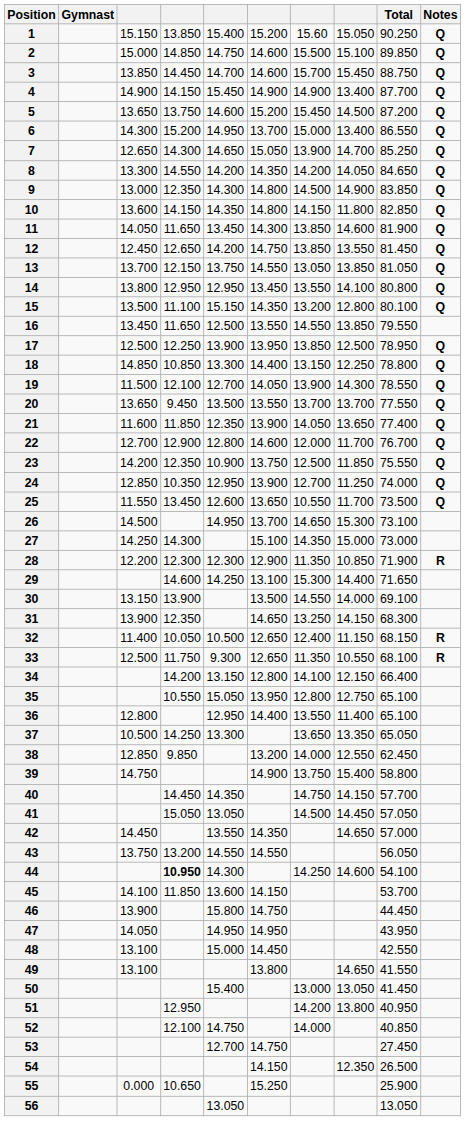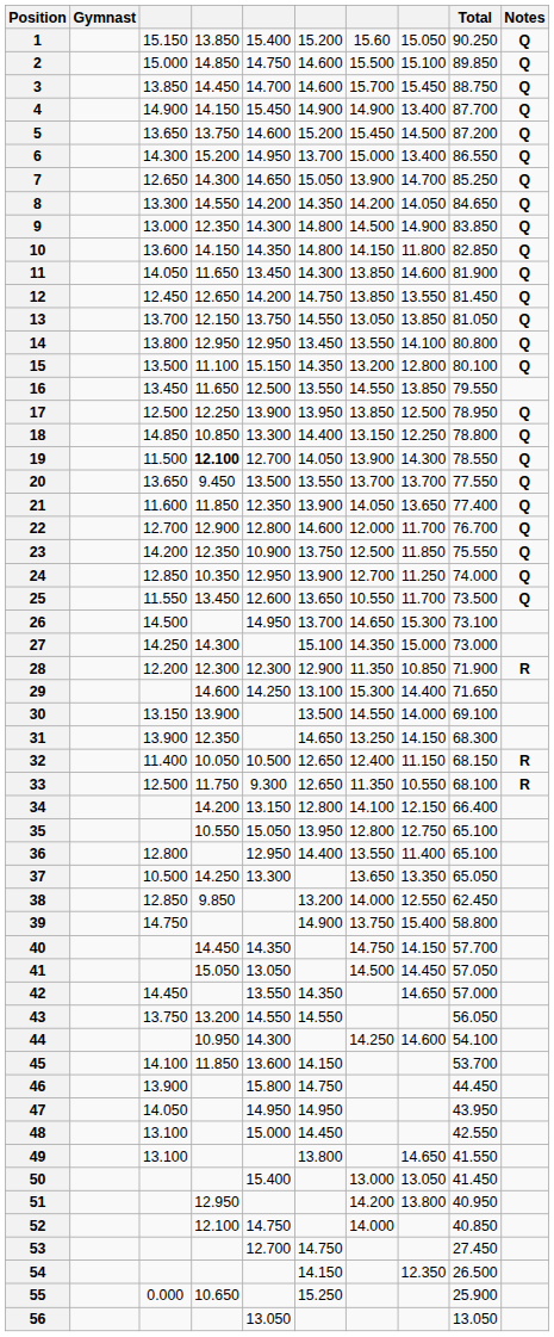 <table class="wikitable sortable" style="text-align:center; font-size:95%">
 <tr>
 <th scope=col>Position</th>
 <th scope=col>Gymnast</th>
 <th scope=col></th>
 <th scope=col></th>
 <th scope=col></th>
 <th scope=col></th>
 <th scope=col></th>
 <th scope=col></th>
 <th scope=col>Total</th>
 <th scope=col>Notes</th>
 </tr>
 <tr>
 <th scope=row>1</th>
 <td align=left></td>
 <td>15.150</td>
 <td>13.850</td>
 <td>15.400</td>
 <td>15.200</td>
 <td>15.60</td>
 <td>15.050</td>
 <td>90.250</td>
 <td><strong>Q</strong></td>
 </tr>
 <tr>
 <th scope=row>2</th>
 <td align=left></td>
 <td>15.000</td>
 <td>14.850</td>
 <td>14.750</td>
 <td>14.600</td>
 <td>15.500</td>
 <td>15.100</td>
 <td>89.850</td>
 <td><strong>Q</strong></td>
 </tr>
 <tr>
 <th scope=row>3</th>
 <td align=left></td>
 <td>13.850</td>
 <td>14.450</td>
 <td>14.700</td>
 <td>14.600</td>
 <td>15.700</td>
 <td>15.450</td>
 <td>88.750</td>
 <td><strong>Q</strong></td>
 </tr>
 <tr>
 <th scope=row>4</th>
 <td align=left></td>
 <td>14.900</td>
 <td>14.150</td>
 <td>15.450</td>
 <td>14.900</td>
 <td>14.900</td>
 <td>13.400</td>
 <td>87.700</td>
 <td><strong>Q</strong></td>
 </tr>
 <tr>
 <th scope=row>5</th>
 <td align=left></td>
 <td>13.650</td>
 <td>13.750</td>
 <td>14.600</td>
 <td>15.200</td>
 <td>15.450</td>
 <td>14.500</td>
 <td>87.200</td>
 <td><strong>Q</strong></td>
 </tr>
 <tr>
 <th scope=row>6</th>
 <td align=left></td>
 <td>14.300</td>
 <td>15.200</td>
 <td>14.950</td>
 <td>13.700</td>
 <td>15.000</td>
 <td>13.400</td>
 <td>86.550</td>
 <td><strong>Q</strong></td>
 </tr>
 <tr>
 <th scope=row>7</th>
 <td align=left></td>
 <td>12.650</td>
 <td>14.300</td>
 <td>14.650</td>
 <td>15.050</td>
 <td>13.900</td>
 <td>14.700</td>
 <td>85.250</td>
 <td><strong>Q</strong></td>
 </tr>
 <tr>
 <th scope=row>8</th>
 <td align=left></td>
 <td>13.300</td>
 <td>14.550</td>
 <td>14.200</td>
 <td>14.350</td>
 <td>14.200</td>
 <td>14.050</td>
 <td>84.650</td>
 <td><strong>Q</strong></td>
 </tr>
 <tr>
 <th scope=row>9</th>
 <td align=left></td>
 <td>13.000</td>
 <td>12.350</td>
 <td>14.300</td>
 <td>14.800</td>
 <td>14.500</td>
 <td>14.900</td>
 <td>83.850</td>
 <td><strong>Q</strong></td>
 </tr>
 <tr>
 <th scope=row>10</th>
 <td align=left></td>
 <td>13.600</td>
 <td>14.150</td>
 <td>14.350</td>
 <td>14.800</td>
 <td>14.150</td>
 <td>11.800</td>
 <td>82.850</td>
 <td><strong>Q</strong></td>
 </tr>
 <tr>
 <th scope=row>11</th>
 <td align=left></td>
 <td>14.050</td>
 <td>11.650</td>
 <td>13.450</td>
 <td>14.300</td>
 <td>13.850</td>
 <td>14.600</td>
 <td>81.900</td>
 <td><strong>Q</strong></td>
 </tr>
 <tr>
 <th scope=row>12</th>
 <td align=left></td>
 <td>12.450</td>
 <td>12.650</td>
 <td>14.200</td>
 <td>14.750</td>
 <td>13.850</td>
 <td>13.550</td>
 <td>81.450</td>
 <td><strong>Q</strong></td>
 </tr>
 <tr>
 <th scope=row>13</th>
 <td align=left></td>
 <td>13.700</td>
 <td>12.150</td>
 <td>13.750</td>
 <td>14.550</td>
 <td>13.050</td>
 <td>13.850</td>
 <td>81.050</td>
 <td><strong>Q</strong></td>
 </tr>
 <tr>
 <th scope=row>14</th>
 <td align=left></td>
 <td>13.800</td>
 <td>12.950</td>
 <td>12.950</td>
 <td>13.450</td>
 <td>13.550</td>
 <td>14.100</td>
 <td>80.800</td>
 <td><strong>Q</strong></td>
 </tr>
 <tr>
 <th scope=row>15</th>
 <td align=left></td>
 <td>13.500</td>
 <td>11.100</td>
 <td>15.150</td>
 <td>14.350</td>
 <td>13.200</td>
 <td>12.800</td>
 <td>80.100</td>
 <td><strong>Q</strong></td>
 </tr>
 <tr>
 <th scope=row>16</th>
 <td align=left></td>
 <td>13.450</td>
 <td>11.650</td>
 <td>12.500</td>
 <td>13.550</td>
 <td>14.550</td>
 <td>13.850</td>
 <td>79.550</td>
 <td></td>
 </tr>
 <tr>
 <th scope=row>17</th>
 <td align=left></td>
 <td>12.500</td>
 <td>12.250</td>
 <td>13.900</td>
 <td>13.950</td>
 <td>13.850</td>
 <td>12.500</td>
 <td>78.950</td>
 <td><strong>Q</strong></td>
 </tr>
 <tr>
 <th scope=row>18</th>
 <td align=left></td>
 <td>14.850</td>
 <td>10.850</td>
 <td>13.300</td>
 <td>14.400</td>
 <td>13.150</td>
 <td>12.250</td>
 <td>78.800</td>
 <td><strong>Q</strong></td>
 </tr>
 <tr>
 <th scope=row>19</th>
 <td align=left></td>
 <td>11.500</td>
-<td>12.100</td>
+<td><strong>12.100</strong></td>
 <td>12.700</td>
 <td>14.050</td>
 <td>13.900</td>
 <td>14.300</td>
 <td>78.550</td>
 <td><strong>Q</strong></td>
 </tr>
 <tr>
 <th scope=row>20</th>
 <td align=left></td>
 <td>13.650</td>
 <td>9.450</td>
 <td>13.500</td>
 <td>13.550</td>
 <td>13.700</td>
 <td>13.700</td>
 <td>77.550</td>
 <td><strong>Q</strong></td>
 </tr>
 <tr>
 <th scope=row>21</th>
 <td align=left></td>
 <td>11.600</td>
 <td>11.850</td>
 <td>12.350</td>
 <td>13.900</td>
 <td>14.050</td>
 <td>13.650</td>
 <td>77.400</td>
 <td><strong>Q</strong></td>
 </tr>
 <tr>
 <th scope=row>22</th>
 <td align=left></td>
 <td>12.700</td>
 <td>12.900</td>
 <td>12.800</td>
 <td>14.600</td>
 <td>12.000</td>
 <td>11.700</td>
 <td>76.700</td>
 <td><strong>Q</strong></td>
 </tr>
 <tr>
 <th scope=row>23</th>
 <td align=left></td>
 <td>14.200</td>
 <td>12.350</td>
 <td>10.900</td>
 <td>13.750</td>
 <td>12.500</td>
 <td>11.850</td>
 <td>75.550</td>
 <td><strong>Q</strong></td>
 </tr>
 <tr>
 <th scope=row>24</th>
 <td align=left></td>
 <td>12.850</td>
 <td>10.350</td>
 <td>12.950</td>
 <td>13.900</td>
 <td>12.700</td>
 <td>11.250</td>
 <td>74.000</td>
 <td><strong>Q</strong></td>
 </tr>
 <tr>
 <th scope=row>25</th>
 <td align=left></td>
 <td>11.550</td>
 <td>13.450</td>
 <td>12.600</td>
 <td>13.650</td>
 <td>10.550</td>
 <td>11.700</td>
 <td>73.500</td>
 <td><strong>Q</strong></td>
 </tr>
 <tr>
 <th scope=row>26</th>
 <td align=left></td>
 <td>14.500</td>
 <td></td>
 <td>14.950</td>
 <td>13.700</td>
 <td>14.650</td>
 <td>15.300</td>
 <td>73.100</td>
 <td></td>
 </tr>
 <tr>
 <th scope=row>27</th>
 <td align=left></td>
 <td>14.250</td>
 <td>14.300</td>
 <td></td>
 <td>15.100</td>
 <td>14.350</td>
 <td>15.000</td>
 <td>73.000</td>
 <td></td>
 </tr>
 <tr>
 <th scope=row>28</th>
 <td align=left></td>
 <td>12.200</td>
 <td>12.300</td>
 <td>12.300</td>
 <td>12.900</td>
 <td>11.350</td>
 <td>10.850</td>
 <td>71.900</td>
 <td><strong>R</strong></td>
 </tr>
 <tr>
 <th scope=row>29</th>
 <td align=left></td>
 <td></td>
 <td>14.600</td>
 <td>14.250</td>
 <td>13.100</td>
 <td>15.300</td>
 <td>14.400</td>
 <td>71.650</td>
 <td></td>
 </tr>
 <tr>
 <th scope=row>30</th>
 <td align=left></td>
 <td>13.150</td>
 <td>13.900</td>
 <td></td>
 <td>13.500</td>
 <td>14.550</td>
 <td>14.000</td>
 <td>69.100</td>
 <td></td>
 </tr>
 <tr>
 <th scope=row>31</th>
 <td align=left></td>
 <td>13.900</td>
 <td>12.350</td>
 <td></td>
 <td>14.650</td>
 <td>13.250</td>
 <td>14.150</td>
 <td>68.300</td>
 <td></td>
 </tr>
 <tr>
 <th scope=row>32</th>
 <td align=left></td>
 <td>11.400</td>
 <td>10.050</td>
 <td>10.500</td>
 <td>12.650</td>
 <td>12.400</td>
 <td>11.150</td>
 <td>68.150</td>
 <td><strong>R</strong></td>
 </tr>
 <tr>
 <th scope=row>33</th>
 <td align=left></td>
 <td>12.500</td>
 <td>11.750</td>
 <td>9.300</td>
 <td>12.650</td>
 <td>11.350</td>
 <td>10.550</td>
 <td>68.100</td>
 <td><strong>R</strong></td>
 </tr>
 <tr>
 <th scope=row>34</th>
 <td align=left></td>
 <td></td>
 <td>14.200</td>
 <td>13.150</td>
 <td>12.800</td>
 <td>14.100</td>
 <td>12.150</td>
 <td>66.400</td>
 <td></td>
 </tr>
 <tr>
 <th scope=row>35</th>
 <td align=left></td>
 <td></td>
 <td>10.550</td>
 <td>15.050</td>
 <td>13.950</td>
 <td>12.800</td>
 <td>12.750</td>
 <td>65.100</td>
 <td></td>
 </tr>
 <tr>
 <th scope=row>36</th>
 <td align=left></td>
 <td>12.800</td>
 <td></td>
 <td>12.950</td>
 <td>14.400</td>
 <td>13.550</td>
 <td>11.400</td>
 <td>65.100</td>
 <td></td>
 </tr>
 <tr>
 <th scope=row>37</th>
 <td align=left></td>
 <td>10.500</td>
 <td>14.250</td>
 <td>13.300</td>
 <td></td>
 <td>13.650</td>
 <td>13.350</td>
 <td>65.050</td>
 <td></td>
 </tr>
 <tr>
 <th scope=row>38</th>
 <td align=left></td>
 <td>12.850</td>
 <td>9.850</td>
 <td></td>
 <td>13.200</td>
 <td>14.000</td>
 <td>12.550</td>
 <td>62.450</td>
 <td></td>
 </tr>
 <tr>
 <th scope=row>39</th>
 <td align=left></td>
 <td>14.750</td>
 <td></td>
 <td></td>
 <td>14.900</td>
 <td>13.750</td>
 <td>15.400</td>
 <td>58.800</td>
 <td></td>
 </tr>
 <tr>
 <th scope=row>40</th>
 <td align=left></td>
 <td></td>
 <td>14.450</td>
 <td>14.350</td>
 <td></td>
 <td>14.750</td>
 <td>14.150</td>
 <td>57.700</td>
 <td></td>
 </tr>
 <tr>
 <th scope=row>41</th>
 <td align=left></td>
 <td></td>
 <td>15.050</td>
 <td>13.050</td>
 <td></td>
 <td>14.500</td>
 <td>14.450</td>
 <td>57.050</td>
 <td></td>
 </tr>
 <tr>
 <th scope=row>42</th>
 <td align=left></td>
 <td>14.450</td>
 <td></td>
 <td>13.550</td>
 <td>14.350</td>
 <td></td>
 <td>14.650</td>
 <td>57.000</td>
 <td></td>
 </tr>
 <tr>
 <th scope=row>43</th>
 <td align=left></td>
 <td>13.750</td>
 <td>13.200</td>
 <td>14.550</td>
 <td>14.550</td>
 <td></td>
 <td></td>
 <td>56.050</td>
 <td></td>
 </tr>
 <tr>
 <th scope=row>44</th>
 <td align=left></td>
 <td></td>
-<td><strong>10.950</strong></td>
+<td>10.950</td>
 <td>14.300</td>
 <td></td>
 <td>14.250</td>
 <td>14.600</td>
 <td>54.100</td>
 <td></td>
 </tr>
 <tr>
 <th scope=row>45</th>
 <td align=left></td>
 <td>14.100</td>
 <td>11.850</td>
 <td>13.600</td>
 <td>14.150</td>
 <td></td>
 <td></td>
 <td>53.700</td>
 <td></td>
 </tr>
 <tr>
 <th scope=row>46</th>
 <td align=left></td>
 <td>13.900</td>
 <td></td>
 <td>15.800</td>
 <td>14.750</td>
 <td></td>
 <td></td>
 <td>44.450</td>
 <td></td>
 </tr>
 <tr>
 <th scope=row>47</th>
 <td align=left></td>
 <td>14.050</td>
 <td></td>
 <td>14.950</td>
 <td>14.950</td>
 <td></td>
 <td></td>
 <td>43.950</td>
 <td></td>
 </tr>
 <tr>
 <th scope=row>48</th>
 <td align=left></td>
 <td>13.100</td>
 <td></td>
 <td>15.000</td>
 <td>14.450</td>
 <td></td>
 <td></td>
 <td>42.550</td>
 <td></td>
 </tr>
 <tr>
 <th scope=row>49</th>
 <td align=left></td>
 <td>13.100</td>
 <td></td>
 <td></td>
 <td>13.800</td>
 <td></td>
 <td>14.650</td>
 <td>41.550</td>
 <td></td>
 </tr>
 <tr>
 <th scope=row>50</th>
 <td align=left></td>
 <td></td>
 <td></td>
 <td>15.400</td>
 <td></td>
 <td>13.000</td>
 <td>13.050</td>
 <td>41.450</td>
 <td></td>
 </tr>
 <tr>
 <th scope=row>51</th>
 <td align=left></td>
 <td></td>
 <td>12.950</td>
 <td></td>
 <td></td>
 <td>14.200</td>
 <td>13.800</td>
 <td>40.950</td>
 <td></td>
 </tr>
 <tr>
 <th scope=row>52</th>
 <td align=left></td>
 <td></td>
 <td>12.100</td>
 <td>14.750</td>
 <td></td>
 <td>14.000</td>
 <td></td>
 <td>40.850</td>
 <td></td>
 </tr>
 <tr>
 <th scope=row>53</th>
 <td align=left></td>
 <td></td>
 <td></td>
 <td>12.700</td>
 <td>14.750</td>
 <td></td>
 <td></td>
 <td>27.450</td>
 <td></td>
 </tr>
 <tr>
 <th scope=row>54</th>
 <td align=left></td>
 <td></td>
 <td></td>
 <td></td>
 <td>14.150</td>
 <td></td>
 <td>12.350</td>
 <td>26.500</td>
 <td></td>
 </tr>
 <tr>
 <th scope=row>55</th>
 <td align=left></td>
 <td>0.000</td>
 <td>10.650</td>
 <td></td>
 <td>15.250</td>
 <td></td>
 <td></td>
 <td>25.900</td>
 <td></td>
 </tr>
 <tr>
 <th scope=row>56</th>
 <td align=left></td>
 <td></td>
 <td></td>
 <td>13.050</td>
 <td></td>
 <td></td>
 <td></td>
 <td>13.050</td>
 <td></td>
 </tr>
 </table>
